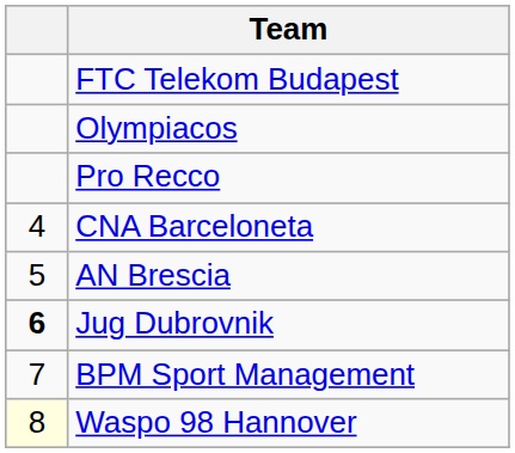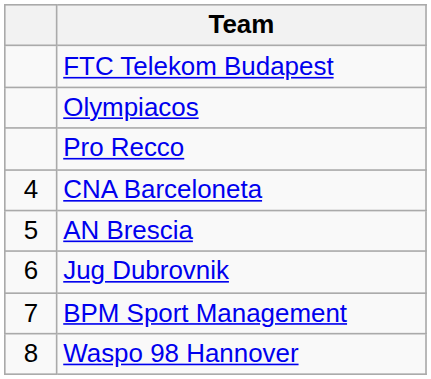 <table class="wikitable" style="text-align:center">
 <tr>
 <th width=25></th>
 <th width=220>Team</th>
 </tr>
 <tr>
 <td></td>
 <td align=left> <a href='#'>FTC Telekom Budapest</a></td>
 </tr>
 <tr>
 <td></td>
 <td align=left> <a href='#'>Olympiacos</a></td>
 </tr>
 <tr>
 <td></td>
 <td align=left> <a href='#'>Pro Recco</a></td>
 </tr>
 <tr>
 <td>4</td>
 <td align=left> <a href='#'>CNA Barceloneta</a></td>
 </tr>
 <tr>
 <td>5</td>
 <td align=left> <a href='#'>AN Brescia</a></td>
 </tr>
 <tr>
-<td><strong>6</strong></td>
+<td>6</td>
 <td align=left> <a href='#'>Jug Dubrovnik</a></td>
 </tr>
 <tr>
 <td>7</td>
 <td align=left> <a href='#'>BPM Sport Management</a></td>
 </tr>
 <tr>
-<td style="background: lightyellow;">8</td>
+<td>8</td>
 <td align=left> <a href='#'>Waspo 98 Hannover</a></td>
 </tr>
 </table>
